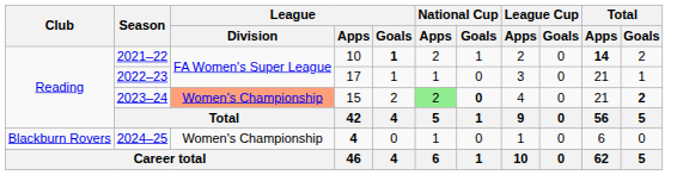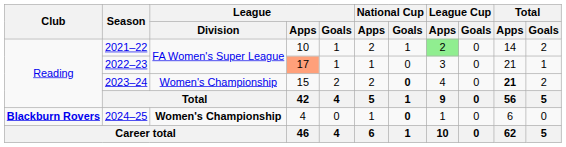 <table class="wikitable" style="text-align:center">
 <tr>
 <th rowspan="2">Club</th>
 <th rowspan="2">Season</th>
 <th colspan="3">League</th>
 <th colspan="2">National Cup</th>
 <th colspan="2">League Cup</th>
 <th colspan="2">Total</th>
 </tr>
 <tr>
 <th>Division</th>
 <th>Apps</th>
 <th>Goals</th>
 <th>Apps</th>
 <th>Goals</th>
 <th>Apps</th>
 <th>Goals</th>
 <th>Apps</th>
 <th>Goals</th>
 </tr>
 <tr>
 <td rowspan="4"><a href='#'>Reading</a></td>
 <td><a href='#'>2021–22</a></td>
 <td rowspan="2"><a href='#'>FA Women's Super League</a></td>
 <td>10</td>
-<td><strong>1</strong></td>
+<td>1</td>
 <td>2</td>
 <td>1</td>
-<td>2</td>
+<td style="background: lightgreen;">2</td>
 <td>0</td>
-<td><strong>14</strong></td>
+<td>14</td>
 <td>2</td>
 </tr>
 <tr>
 <td><a href='#'>2022–23</a></td>
-<td>17</td>
+<td style="background: lightsalmon;">17</td>
 <td>1</td>
 <td>1</td>
 <td>0</td>
 <td>3</td>
 <td>0</td>
 <td>21</td>
 <td>1</td>
 </tr>
 <tr>
 <td><a href='#'>2023–24</a></td>
-<td style="background: lightsalmon;"><a href='#'>Women's Championship</a></td>
+<td><a href='#'>Women's Championship</a></td>
 <td>15</td>
 <td>2</td>
-<td style="background: lightgreen;">2</td>
+<td>2</td>
 <td><strong>0</strong></td>
 <td>4</td>
 <td>0</td>
-<td>21</td>
-<td><strong>2</strong></td>
+<td><strong>21</strong></td>
+<td>2</td>
 </tr>
 <tr>
 <th colspan="2">Total</th>
 <th>42</th>
 <th>4</th>
 <th>5</th>
 <th>1</th>
 <th>9</th>
 <th>0</th>
 <th>56</th>
 <th>5</th>
 </tr>
 <tr>
-<td><a href='#'>Blackburn Rovers</a></td>
+<td><strong><a href='#'>Blackburn Rovers</a></strong></td>
 <td><a href='#'>2024–25</a></td>
-<td>Women's Championship</td>
-<td><strong>4</strong></td>
+<td><strong>Women's Championship</strong></td>
+<td>4</td>
 <td>0</td>
 <td>1</td>
-<td>0</td>
+<td><strong>0</strong></td>
 <td>1</td>
 <td>0</td>
 <td>6</td>
 <td>0</td>
 </tr>
 <tr>
 <th colspan="3">Career total</th>
 <th>46</th>
 <th>4</th>
 <th>6</th>
 <th>1</th>
 <th>10</th>
 <th>0</th>
 <th>62</th>
 <th>5</th>
 </tr>
 </table>
